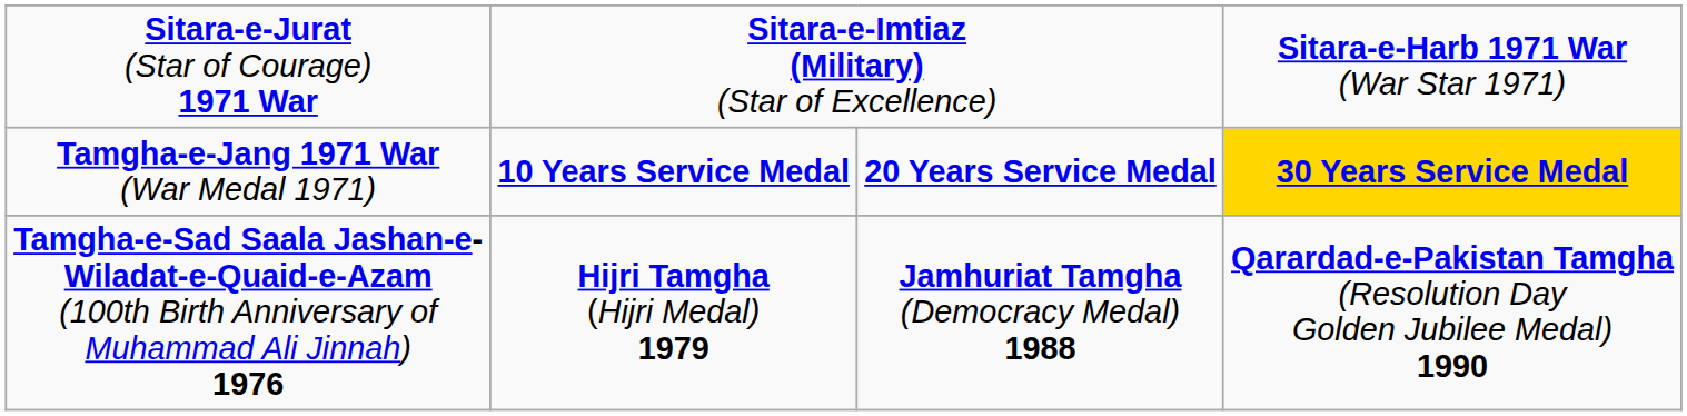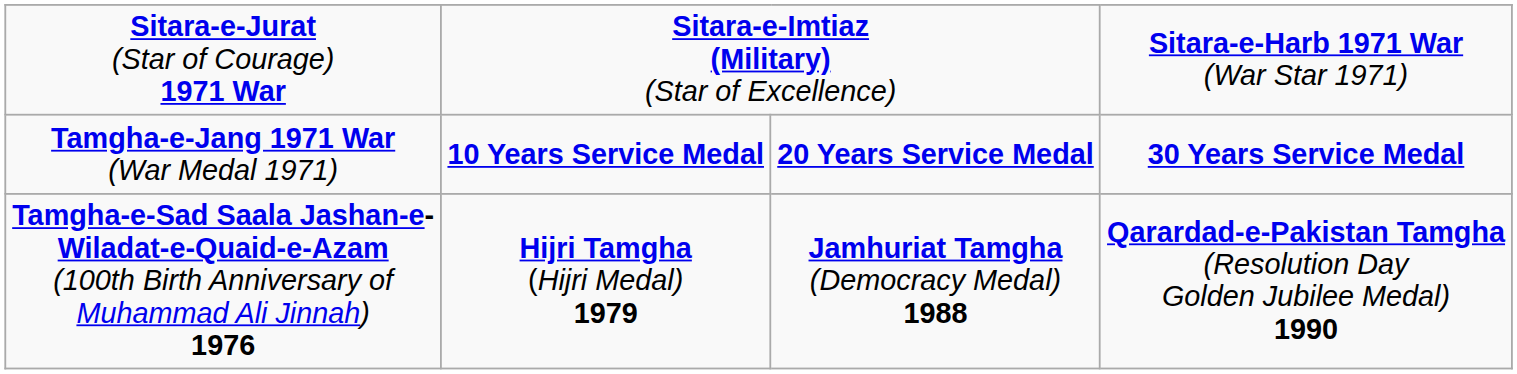 <table class="wikitable" style="margin:1em auto; text-align:center;">
 <tr>
 <td><strong><a href='#'>Sitara-e-Jurat</a></strong><br><em>(Star of Courage)</em><br><strong><a href='#'>1971 War</a></strong></td>
 <td colspan="2"><strong><a href='#'>Sitara-e-Imtiaz</a></strong><br><strong><a href='#'>(Military)</a></strong><br><em>(Star of Excellence)</em></td>
 <td><strong><a href='#'>Sitara-e-Harb 1971 War</a></strong><br><em>(War Star 1971)</em></td>
 </tr>
 <tr>
 <td><strong><a href='#'>Tamgha-e-Jang 1971 War</a></strong><br><em>(War Medal 1971)</em></td>
 <td><strong><a href='#'>10 Years Service Medal</a></strong></td>
 <td><strong><a href='#'>20 Years Service Medal</a></strong></td>
-<td style="background: gold;"><strong><a href='#'>30 Years Service Medal</a></strong></td>
+<td><strong><a href='#'>30 Years Service Medal</a></strong></td>
 </tr>
 <tr>
 <td><strong><a href='#'>Tamgha-e-Sad Saala Jashan-e</a>-</strong><br><strong><a href='#'>Wiladat-e-Quaid-e-Azam</a></strong><br><em>(100th Birth Anniversary of</em><br><em><a href='#'>Muhammad Ali Jinnah</a>)</em><br><strong>1976</strong></td>
 <td><strong><a href='#'>Hijri Tamgha</a></strong><br>(<em>Hijri Medal)</em><br><strong>1979</strong></td>
 <td><strong><a href='#'>Jamhuriat Tamgha</a></strong><br><em>(Democracy Medal)</em><br><strong>1988</strong></td>
 <td><strong><a href='#'>Qarardad-e-Pakistan Tamgha</a></strong><br><em>(Resolution Day</em><br><em>Golden Jubilee Medal)</em><br><strong>1990</strong></td>
 </tr>
 </table>
